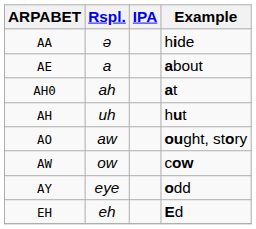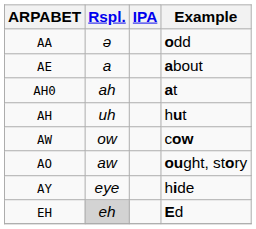 <table class="wikitable" style="display:inline-table; text-align: center;">
 <tr>
 <th colspan="1">ARPABET</th>
 <th colspan="1"><a href='#'>Rspl.</a></th>
 <th rowspan="1"><a href='#'>IPA</a></th>
 <th rowspan="1">Example</th>
 </tr>
 <tr>
 <td><code>AA</code></td>
 <td><em>ə</em></td>
 <td></td>
-<td style="text-align:left">h<strong>i</strong>de</td>
+<td style="text-align:left"><strong>o</strong>dd</td>
 </tr>
 <tr>
 <td><code>AE</code></td>
 <td><em>a</em></td>
 <td></td>
 <td style="text-align:left"><strong>a</strong>bout</td>
 </tr>
 <tr>
 <td><code>AH0</code></td>
 <td><em>ah</em></td>
 <td></td>
 <td style="text-align:left"><strong>a</strong>t</td>
 </tr>
 <tr>
 <td><code>AH</code></td>
 <td><em>uh</em></td>
 <td></td>
 <td style="text-align:left">h<strong>u</strong>t</td>
 </tr>
 <tr>
+<td><code>AW</code></td>
+<td><em>ow</em></td>
+<td></td>
+<td style="text-align:left">c<strong>ow</strong></td>
+</tr>
+<tr>
 <td><code>AO</code></td>
 <td><em>aw</em></td>
 <td></td>
 <td style="text-align:left"><strong>ou</strong>ght, st<strong>o</strong>ry</td>
 </tr>
 <tr>
-<td><code>AW</code></td>
-<td><em>ow</em></td>
-<td></td>
-<td style="text-align:left">c<strong>ow</strong></td>
-</tr>
-<tr>
 <td><code>AY</code></td>
 <td><em>eye</em></td>
 <td></td>
-<td style="text-align:left"><strong>o</strong>dd</td>
+<td style="text-align:left">h<strong>i</strong>de</td>
 </tr>
 <tr>
 <td><code>EH</code></td>
-<td><em>eh</em></td>
+<td style="background: lightgrey;"><em>eh</em></td>
 <td></td>
 <td style="text-align:left"><strong>E</strong>d</td>
 </tr>
 <tr>
 </tr>
 </table>
